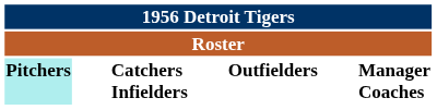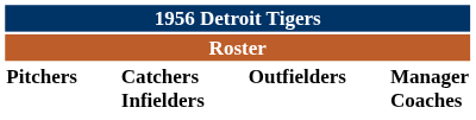 <table class="toccolours" style="font-size: 95%;">
 <tr>
 <th colspan="10" style="background-color: #003366; color: white; text-align: center;">1956 Detroit Tigers</th>
 </tr>
 <tr>
 <td colspan="10" style="background-color: #bd5d29; color: white; text-align: center;"><strong>Roster</strong></td>
 </tr>
 <tr>
-<td valign="top" style="background: paleturquoise;"><strong>Pitchers</strong><br>                </td>
+<td valign="top"><strong>Pitchers</strong><br>                </td>
 <td width="25px"></td>
 <td valign="top"><strong>Catchers</strong><br>     <strong>Infielders</strong>          </td>
 <td width="25px"></td>
 <td valign="top"><strong>Outfielders</strong><br>      </td>
 <td width="25px"></td>
 <td valign="top"><strong>Manager</strong><br> <strong>Coaches</strong>   </td>
 </tr>
 </table>
